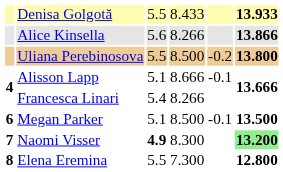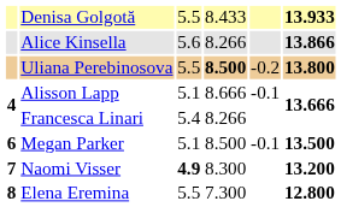 <table>
 <tr style="background:#fffcaf;">
 <th scope=row style="text-align:center"></th>
 <td style="text-align:left;"> <a href='#'>Denisa Golgotă</a></td>
 <td>5.5</td>
 <td>8.433</td>
 <td></td>
 <td><strong>13.933</strong></td>
 </tr>
 <tr style="background:#e5e5e5;">
 <th scope=row style="text-align:center"></th>
 <td style="text-align:left;"> <a href='#'>Alice Kinsella</a></td>
 <td>5.6</td>
 <td>8.266</td>
 <td></td>
 <td><strong>13.866</strong></td>
 </tr>
 <tr style="background:#ec9;">
 <th scope=row style="text-align:center"></th>
 <td style="text-align:left;"> <a href='#'>Uliana Perebinosova</a></td>
 <td>5.5</td>
-<td>8.500</td>
+<td><strong>8.500</strong></td>
 <td>-0.2</td>
 <td><strong>13.800</strong></td>
 </tr>
 <tr>
 <th scope=row style="text-align:center" rowspan="2">4</th>
 <td style="text-align:left;"> <a href='#'>Alisson Lapp</a></td>
 <td>5.1</td>
 <td>8.666</td>
 <td>-0.1</td>
 <td rowspan="2"><strong>13.666</strong></td>
 </tr>
 <tr>
 <td style="text-align:left;"> <a href='#'>Francesca Linari</a></td>
 <td>5.4</td>
 <td>8.266</td>
 <td></td>
 </tr>
 <tr>
 <th scope=row style="text-align:center">6</th>
 <td style="text-align:left;"> <a href='#'>Megan Parker</a></td>
 <td>5.1</td>
 <td>8.500</td>
 <td>-0.1</td>
 <td><strong>13.500</strong></td>
 </tr>
 <tr>
 <th scope=row style="text-align:center">7</th>
 <td style="text-align:left;"> <a href='#'>Naomi Visser</a></td>
 <td><strong>4.9</strong></td>
 <td>8.300</td>
 <td></td>
-<td style="background: lightgreen;"><strong>13.200</strong></td>
+<td><strong>13.200</strong></td>
 </tr>
 <tr>
 <th scope=row style="text-align:center">8</th>
 <td style="text-align:left;"> <a href='#'>Elena Eremina</a></td>
 <td>5.5</td>
 <td>7.300</td>
 <td></td>
 <td><strong>12.800</strong></td>
 </tr>
 </table>
